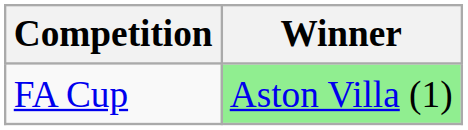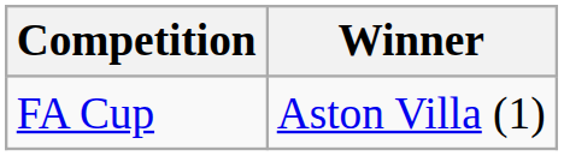 <table class="wikitable">
 <tr>
 <th>Competition</th>
 <th>Winner</th>
 </tr>
 <tr>
 <td><a href='#'>FA Cup</a></td>
-<td style="background: lightgreen;"><a href='#'>Aston Villa</a> (1)</td>
+<td><a href='#'>Aston Villa</a> (1)</td>
 </tr>
 </table>
